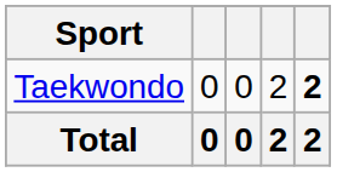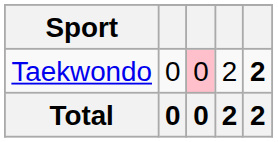 <table class="wikitable" style="font-size: 95%;">
 <tr>
 <th rowspan=2>Sport</th>
 </tr>
 <tr>
 <th></th>
 <th></th>
 <th></th>
 <th></th>
 </tr>
 <tr style="text-align:center;">
 <td align=left><a href='#'>Taekwondo</a></td>
 <td>0</td>
-<td>0</td>
+<td style="background: pink;">0</td>
 <td>2</td>
 <td><strong>2</strong></td>
 </tr>
 <tr style="text-align:center;">
 <th>Total</th>
 <th>0</th>
 <th>0</th>
 <th>2</th>
 <th>2</th>
 </tr>
 </table>
